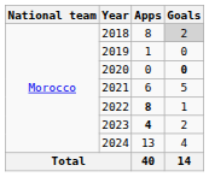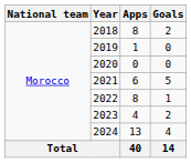 <table class="wikitable" style="text-align:center">
 <tr>
 <th>National team</th>
 <th>Year</th>
 <th>Apps</th>
 <th>Goals</th>
 </tr>
 <tr>
 <td rowspan="7"><a href='#'>Morocco</a></td>
 <td>2018</td>
 <td>8</td>
-<td style="background: lightgrey;">2</td>
+<td>2</td>
 </tr>
 <tr>
 <td>2019</td>
 <td>1</td>
 <td>0</td>
 </tr>
 <tr>
 <td>2020</td>
 <td>0</td>
-<td><strong>0</strong></td>
+<td>0</td>
 </tr>
 <tr>
 <td>2021</td>
 <td>6</td>
 <td>5</td>
 </tr>
 <tr>
 <td>2022</td>
-<td><strong>8</strong></td>
+<td>8</td>
 <td>1</td>
 </tr>
 <tr>
 <td>2023</td>
-<td><strong>4</strong></td>
+<td>4</td>
 <td>2</td>
 </tr>
 <tr>
 <td>2024</td>
 <td>13</td>
 <td>4</td>
 </tr>
 <tr>
 <th colspan="2">Total</th>
 <th>40</th>
 <th>14</th>
 </tr>
 </table>
